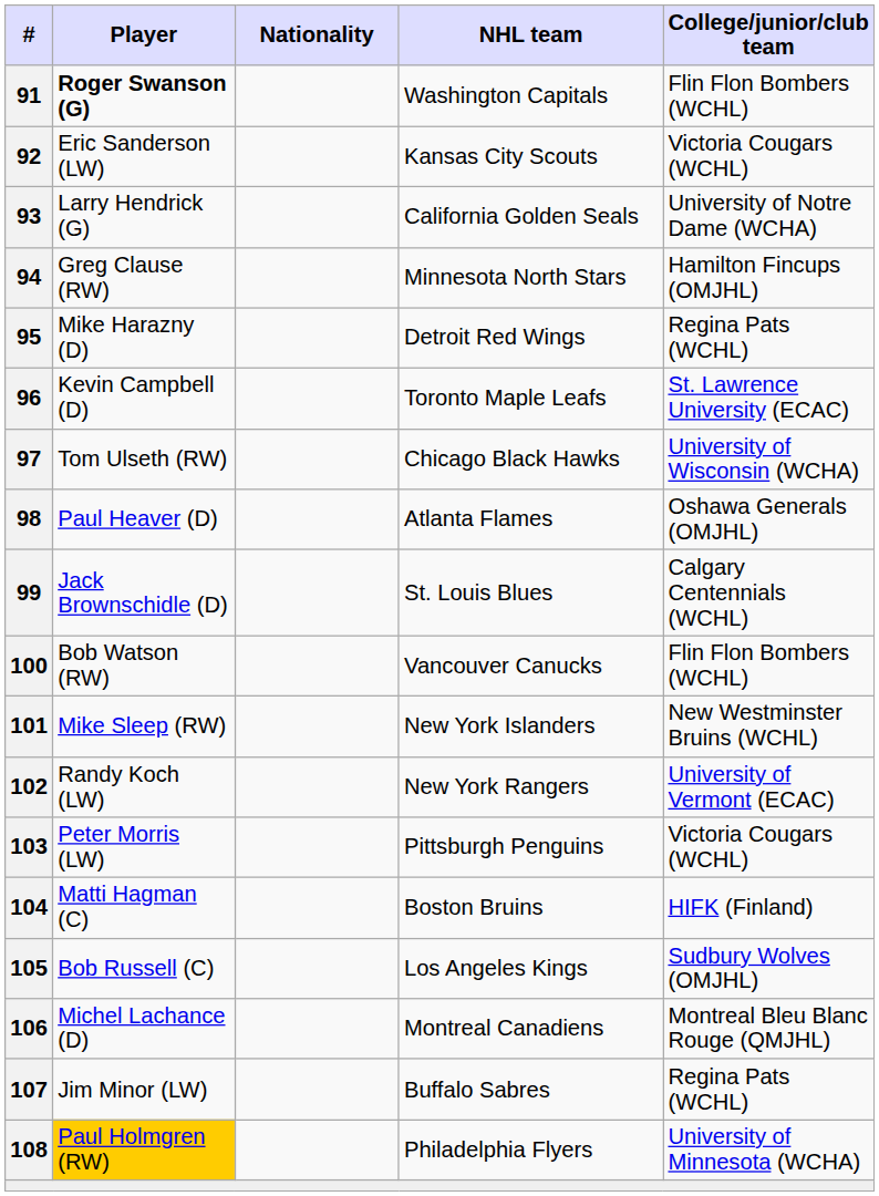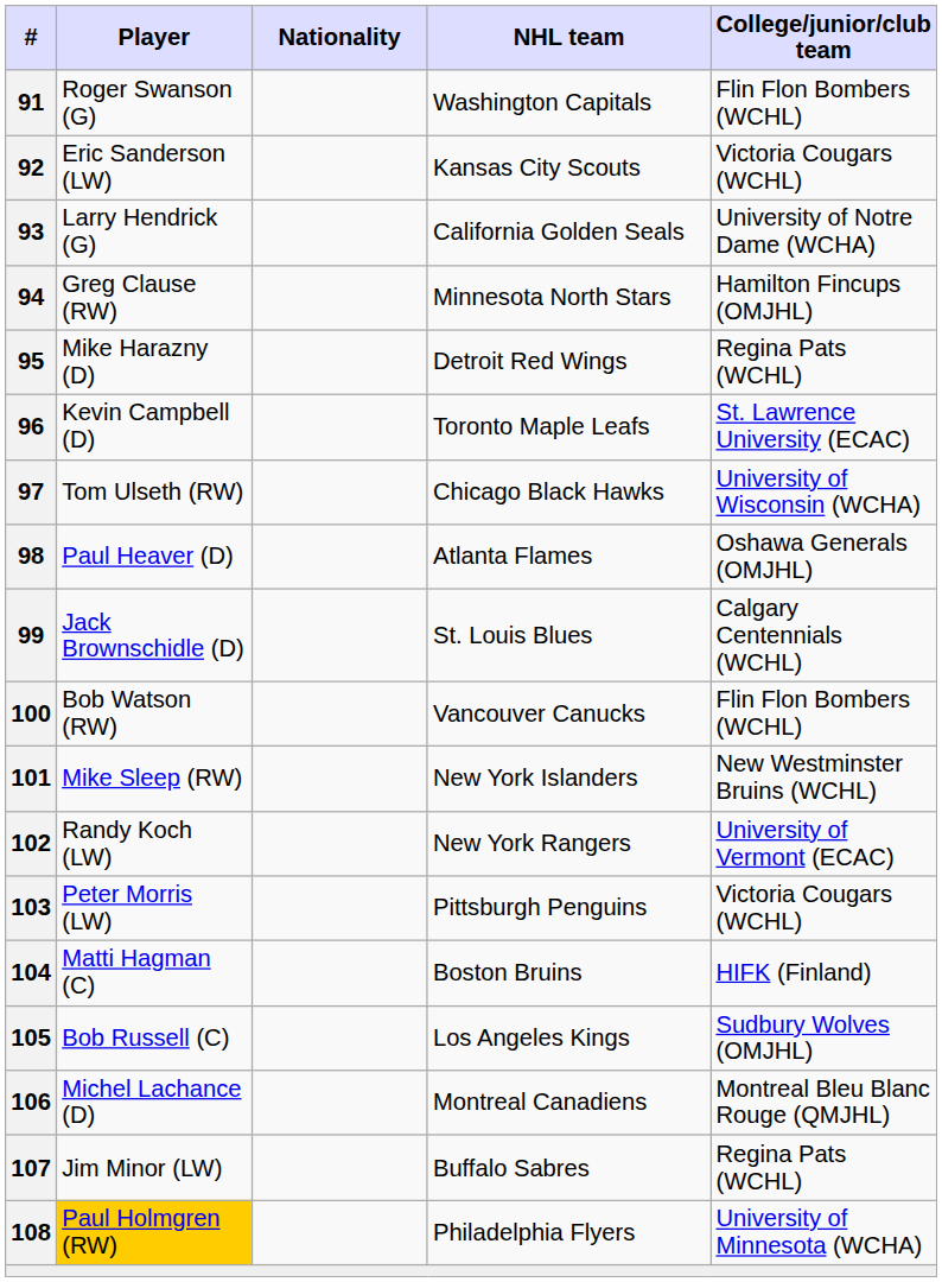 <table class="wikitable" style="width: 100%">
 <tr>
 <th style="background:#ddf; width:2.75%;">#</th>
 <th style="background:#ddf; width:22.0%;">Player</th>
 <th style="background:#ddf; width:20.0%;">Nationality</th>
 <th style="background:#ddf; width:34.0%;">NHL team</th>
 <th style="background:#ddf; width:100.0%;">College/junior/club team</th>
 </tr>
 <tr>
 <th>91</th>
-<td><strong>Roger Swanson (G)</strong></td>
+<td>Roger Swanson (G)</td>
 <td></td>
 <td>Washington Capitals</td>
 <td>Flin Flon Bombers (WCHL)</td>
 </tr>
 <tr>
 <th>92</th>
 <td>Eric Sanderson (LW)</td>
 <td></td>
 <td>Kansas City Scouts</td>
 <td>Victoria Cougars (WCHL)</td>
 </tr>
 <tr>
 <th>93</th>
 <td>Larry Hendrick (G)</td>
 <td></td>
 <td>California Golden Seals</td>
 <td>University of Notre Dame (WCHA)</td>
 </tr>
 <tr>
 <th>94</th>
 <td>Greg Clause (RW)</td>
 <td></td>
 <td>Minnesota North Stars</td>
 <td>Hamilton Fincups (OMJHL)</td>
 </tr>
 <tr>
 <th>95</th>
 <td>Mike Harazny (D)</td>
 <td></td>
 <td>Detroit Red Wings</td>
 <td>Regina Pats (WCHL)</td>
 </tr>
 <tr>
 <th>96</th>
 <td>Kevin Campbell (D)</td>
 <td></td>
 <td>Toronto Maple Leafs</td>
 <td><a href='#'>St. Lawrence University</a>  (ECAC)</td>
 </tr>
 <tr>
 <th>97</th>
 <td>Tom Ulseth (RW)</td>
 <td></td>
 <td>Chicago Black Hawks</td>
 <td><a href='#'>University of Wisconsin</a> (WCHA)</td>
 </tr>
 <tr>
 <th>98</th>
 <td><a href='#'>Paul Heaver</a> (D)</td>
 <td></td>
 <td>Atlanta Flames</td>
 <td>Oshawa Generals (OMJHL)</td>
 </tr>
 <tr>
 <th>99</th>
 <td><a href='#'>Jack Brownschidle</a> (D)</td>
 <td></td>
 <td>St. Louis Blues</td>
 <td>Calgary Centennials (WCHL)</td>
 </tr>
 <tr>
 <th>100</th>
 <td>Bob Watson (RW)</td>
 <td></td>
 <td>Vancouver Canucks</td>
 <td>Flin Flon Bombers (WCHL)</td>
 </tr>
 <tr>
 <th>101</th>
 <td><a href='#'>Mike Sleep</a> (RW)</td>
 <td></td>
 <td>New York Islanders</td>
 <td>New Westminster Bruins (WCHL)</td>
 </tr>
 <tr>
 <th>102</th>
 <td>Randy Koch (LW)</td>
 <td></td>
 <td>New York Rangers</td>
 <td><a href='#'>University of Vermont</a> (ECAC)</td>
 </tr>
 <tr>
 <th>103</th>
 <td><a href='#'>Peter Morris</a> (LW)</td>
 <td></td>
 <td>Pittsburgh Penguins</td>
 <td>Victoria Cougars (WCHL)</td>
 </tr>
 <tr>
 <th>104</th>
 <td><a href='#'>Matti Hagman</a> (C)</td>
 <td></td>
 <td>Boston Bruins</td>
 <td><a href='#'>HIFK</a> (Finland)</td>
 </tr>
 <tr>
 <th>105</th>
 <td><a href='#'>Bob Russell</a> (C)</td>
 <td></td>
 <td>Los Angeles Kings</td>
 <td><a href='#'>Sudbury Wolves</a> (OMJHL)</td>
 </tr>
 <tr>
 <th>106</th>
 <td><a href='#'>Michel Lachance</a> (D)</td>
 <td></td>
 <td>Montreal Canadiens</td>
 <td>Montreal Bleu Blanc Rouge (QMJHL)</td>
 </tr>
 <tr>
 <th>107</th>
 <td>Jim Minor (LW)</td>
 <td></td>
 <td>Buffalo Sabres</td>
 <td>Regina Pats (WCHL)</td>
 </tr>
 <tr>
 <th>108</th>
 <td bgcolor="#FFCC00"><a href='#'>Paul Holmgren</a> (RW)</td>
 <td></td>
 <td>Philadelphia Flyers</td>
 <td><a href='#'>University of Minnesota</a> (WCHA)</td>
 </tr>
 <tr>
 <td align=center colspan="6" bgcolor="#efefef"></td>
 </tr>
 </table>
